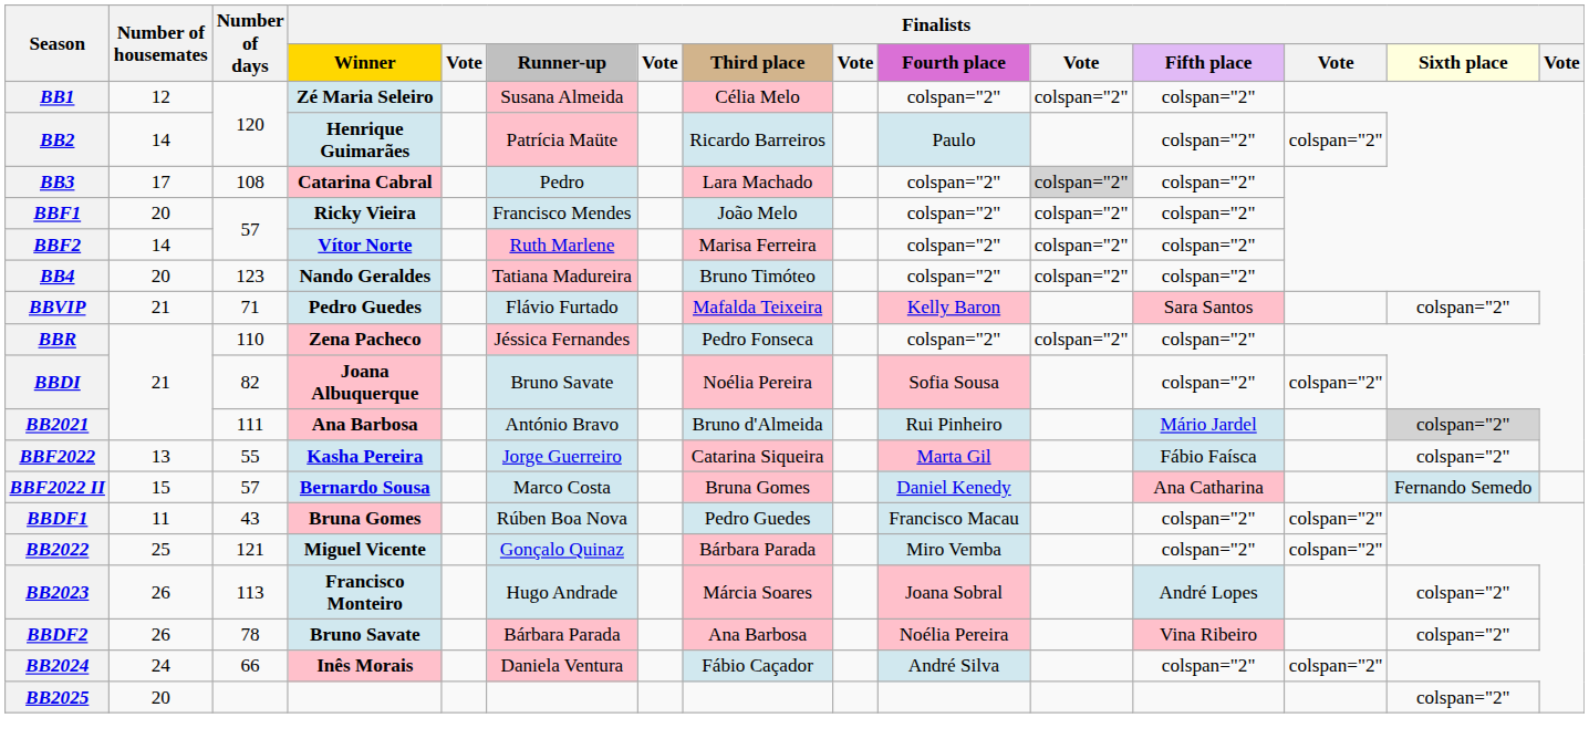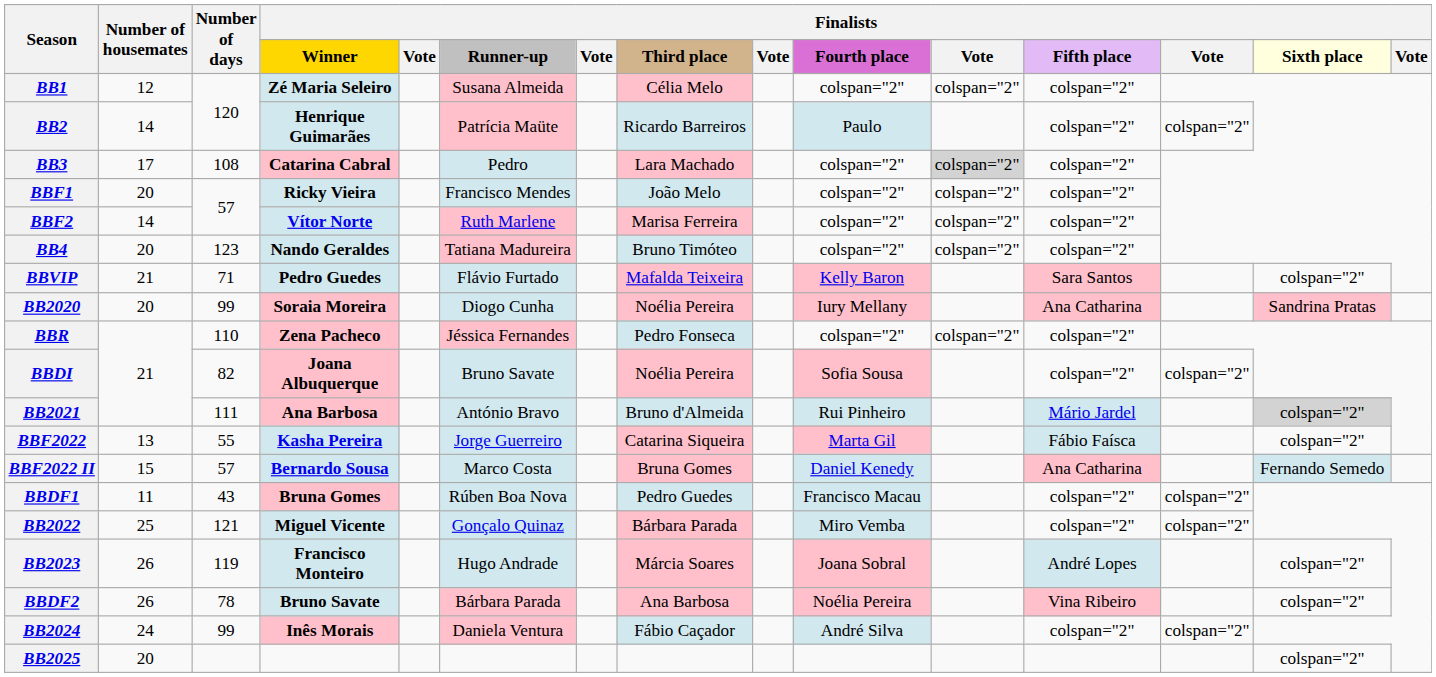 <table class="wikitable" style="text-align:center; font-size:95%; width:100%">
 <tr>
 <th rowspan="2" width="01%">Season</th>
 <th rowspan="2" width="01%">Number of<br>housemates</th>
 <th rowspan="2" width="01%">Number of<br>days</th>
 <th colspan="12">Finalists</th>
 </tr>
 <tr>
 <td bgcolor="FFD700" width="10%"><strong>Winner</strong></td>
 <th width="01%">Vote</th>
 <td bgcolor="C0C0C0" width="10%"><strong>Runner-up</strong></td>
 <th width="01%">Vote</th>
 <td bgcolor="D2B48C" width="10%"><strong>Third place</strong></td>
 <th width="01%">Vote</th>
 <td bgcolor=orchid width="10%"><strong>Fourth place</strong></td>
 <th width="01%">Vote</th>
 <td bgcolor="E1BAF6" width="10%"><strong>Fifth place</strong></td>
 <th width="01%">Vote</th>
 <td bgcolor="FFFFDD" width="10%"><strong>Sixth place</strong></td>
 <th width="01%">Vote</th>
 </tr>
 <tr>
 <th><em><a href='#'>BB1</a></em></th>
 <td>12</td>
 <td rowspan="2">120</td>
 <td style="background:#d1e8ef"><strong>Zé Maria Seleiro</strong></td>
 <td></td>
 <td style="background:pink">Susana Almeida</td>
 <td></td>
 <td style="background:pink">Célia Melo</td>
 <td></td>
 <td>colspan="2" </td>
 <td>colspan="2" </td>
 <td>colspan="2" </td>
 </tr>
 <tr>
 <th><em><a href='#'>BB2</a></em></th>
 <td>14</td>
 <td style="background:#d1e8ef"><strong>Henrique Guimarães</strong></td>
 <td></td>
 <td style="background:pink">Patrícia Maüte</td>
 <td></td>
 <td style="background:#d1e8ef">Ricardo Barreiros</td>
 <td></td>
 <td style="background:#d1e8ef">Paulo</td>
 <td></td>
 <td>colspan="2" </td>
 <td>colspan="2" </td>
 </tr>
 <tr>
 <th><em><a href='#'>BB3</a></em></th>
 <td>17</td>
 <td>108</td>
 <td style="background:pink"><strong>Catarina Cabral</strong></td>
 <td></td>
 <td style="background:#d1e8ef">Pedro</td>
 <td></td>
 <td style="background:pink">Lara Machado</td>
 <td></td>
 <td>colspan="2" </td>
 <td style="background: lightgrey;">colspan="2" </td>
 <td>colspan="2" </td>
 </tr>
 <tr>
 <th><em><a href='#'>BBF1</a></em></th>
 <td>20</td>
 <td rowspan="2">57</td>
 <td style="background:#d1e8ef"><strong>Ricky Vieira</strong></td>
 <td></td>
 <td style="background:#d1e8ef">Francisco Mendes</td>
 <td></td>
 <td style="background:#d1e8ef">João Melo</td>
 <td></td>
 <td>colspan="2" </td>
 <td>colspan="2" </td>
 <td>colspan="2" </td>
 </tr>
 <tr>
 <th><em><a href='#'>BBF2</a></em></th>
 <td>14</td>
 <td style="background:#d1e8ef"><strong><a href='#'>Vítor Norte</a></strong></td>
 <td></td>
 <td style="background:pink"><a href='#'>Ruth Marlene</a></td>
 <td></td>
 <td style="background:pink">Marisa Ferreira</td>
 <td></td>
 <td>colspan="2" </td>
 <td>colspan="2" </td>
 <td>colspan="2" </td>
 </tr>
 <tr>
 <th><em><a href='#'>BB4</a></em></th>
 <td>20</td>
 <td>123</td>
 <td style="background:#d1e8ef"><strong>Nando Geraldes</strong></td>
 <td></td>
 <td style="background:pink">Tatiana Madureira</td>
 <td></td>
 <td style="background:#d1e8ef">Bruno Timóteo</td>
 <td></td>
 <td>colspan="2" </td>
 <td>colspan="2" </td>
 <td>colspan="2" </td>
 </tr>
 <tr>
 <th><em><a href='#'>BBVIP</a></em></th>
 <td>21</td>
 <td>71</td>
 <td style="background:#d1e8ef"><strong>Pedro Guedes</strong></td>
 <td></td>
 <td style="background:#d1e8ef">Flávio Furtado</td>
 <td></td>
 <td style="background:pink"><a href='#'>Mafalda Teixeira</a></td>
 <td></td>
 <td style="background:pink"><a href='#'>Kelly Baron</a></td>
 <td></td>
 <td style="background:pink">Sara Santos</td>
 <td></td>
 <td>colspan="2" </td>
 </tr>
 <tr>
+<th><em><a href='#'>BB2020</a></em></th>
+<td>20</td>
+<td>99 </td>
+<td style="background:pink"><strong>Soraia Moreira</strong></td>
+<td></td>
+<td style="background:#d1e8ef">Diogo Cunha</td>
+<td></td>
+<td style="background:pink">Noélia Pereira</td>
+<td></td>
+<td style="background:pink">Iury Mellany</td>
+<td></td>
+<td style="background:pink">Ana Catharina</td>
+<td></td>
+<td style="background:pink">Sandrina Pratas</td>
+<td></td>
+</tr>
+<tr>
 <th><em><a href='#'>BBR</a></em></th>
 <td rowspan="3">21</td>
 <td>110</td>
 <td style="background:pink"><strong>Zena Pacheco</strong></td>
 <td></td>
 <td style="background:pink">Jéssica Fernandes</td>
 <td></td>
 <td style="background:#d1e8ef">Pedro Fonseca</td>
 <td></td>
 <td>colspan="2" </td>
 <td>colspan="2" </td>
 <td>colspan="2" </td>
 </tr>
 <tr>
 <th><em><a href='#'>BBDI</a></em></th>
 <td>82</td>
 <td style="background:pink"><strong>Joana Albuquerque</strong></td>
 <td></td>
 <td style="background:#d1e8ef">Bruno Savate</td>
 <td></td>
 <td style="background:pink">Noélia Pereira</td>
 <td></td>
 <td style="background:pink">Sofia Sousa</td>
 <td></td>
 <td>colspan="2" </td>
 <td>colspan="2" </td>
 </tr>
 <tr>
 <th><em><a href='#'>BB2021</a></em></th>
 <td>111</td>
 <td style="background:pink"><strong>Ana Barbosa</strong></td>
 <td></td>
 <td style="background:#d1e8ef">António Bravo</td>
 <td></td>
 <td style="background:#d1e8ef">Bruno d'Almeida</td>
 <td></td>
 <td style="background:#d1e8ef">Rui Pinheiro</td>
 <td></td>
 <td style="background:#d1e8ef"><a href='#'>Mário Jardel</a></td>
 <td></td>
 <td style="background: lightgrey;">colspan="2" </td>
 </tr>
 <tr>
 <th><em><a href='#'>BBF2022</a></em></th>
 <td>13</td>
 <td>55</td>
 <td style="background:#d1e8ef"><strong><a href='#'>Kasha Pereira</a></strong></td>
 <td></td>
 <td style="background:#d1e8ef"><a href='#'>Jorge Guerreiro</a></td>
 <td></td>
 <td style="background:pink">Catarina Siqueira</td>
 <td></td>
 <td style="background:pink"><a href='#'>Marta Gil</a></td>
 <td></td>
 <td style="background:#d1e8ef">Fábio Faísca</td>
 <td></td>
 <td>colspan="2" </td>
 </tr>
 <tr>
 <th nowrap><em><a href='#'>BBF2022 II</a></em></th>
 <td>15</td>
 <td>57</td>
 <td style="background:#d1e8ef"><strong><a href='#'>Bernardo Sousa</a></strong></td>
 <td></td>
 <td style="background:#d1e8ef">Marco Costa</td>
 <td></td>
 <td style="background:pink">Bruna Gomes</td>
 <td></td>
 <td style="background:#d1e8ef"><a href='#'>Daniel Kenedy</a></td>
 <td></td>
 <td style="background:pink">Ana Catharina</td>
 <td></td>
 <td style="background:#d1e8ef">Fernando Semedo</td>
 <td></td>
 </tr>
 <tr>
 <th><em><a href='#'>BBDF1</a></em></th>
 <td>11</td>
 <td>43</td>
 <td style="background:pink"><strong>Bruna Gomes</strong></td>
 <td></td>
 <td style="background:#d1e8ef">Rúben Boa Nova</td>
 <td></td>
 <td style="background:#d1e8ef">Pedro Guedes</td>
 <td></td>
 <td style="background:#d1e8ef">Francisco Macau</td>
 <td></td>
 <td>colspan="2" </td>
 <td>colspan="2" </td>
 </tr>
 <tr>
 <th><em><a href='#'>BB2022</a></em></th>
 <td>25</td>
 <td>121</td>
 <td style="background:#d1e8ef"><strong>Miguel Vicente</strong></td>
 <td></td>
 <td style="background:#d1e8ef"><a href='#'>Gonçalo Quinaz</a></td>
 <td></td>
 <td style="background: pink">Bárbara Parada</td>
 <td></td>
 <td style="background:#d1e8ef">Miro Vemba</td>
 <td></td>
 <td>colspan="2" </td>
 <td>colspan="2" </td>
 </tr>
 <tr>
 <th><em><a href='#'>BB2023</a></em></th>
 <td>26</td>
-<td>113</td>
+<td>119</td>
 <td style="background:#d1e8ef"><strong>Francisco Monteiro</strong></td>
 <td></td>
 <td style="background:#d1e8ef">Hugo Andrade</td>
 <td></td>
 <td style="background:pink">Márcia Soares</td>
 <td></td>
 <td style="background:pink">Joana Sobral</td>
 <td></td>
 <td style="background:#d1e8ef">André Lopes</td>
 <td></td>
 <td>colspan="2" </td>
 </tr>
 <tr>
 <th><em><a href='#'>BBDF2</a></em></th>
 <td>26</td>
 <td>78</td>
 <td style="background:#d1e8ef"><strong>Bruno Savate</strong></td>
 <td></td>
 <td style="background:pink">Bárbara Parada</td>
 <td></td>
 <td style="background:pink">Ana Barbosa</td>
 <td></td>
 <td style="background:pink">Noélia Pereira</td>
 <td></td>
 <td style="background:pink">Vina Ribeiro</td>
 <td></td>
 <td>colspan="2" </td>
 </tr>
 <tr>
 <th><em><a href='#'>BB2024</a></em></th>
 <td>24</td>
-<td>66</td>
+<td>99</td>
 <td style="background:pink"><strong>Inês Morais</strong></td>
 <td></td>
 <td style="background:pink">Daniela Ventura</td>
 <td></td>
 <td style="background:#d1e8ef">Fábio Caçador</td>
 <td></td>
 <td style="background:#d1e8ef">André Silva</td>
 <td></td>
 <td>colspan="2" </td>
 <td>colspan="2" </td>
 </tr>
 <tr>
 <th><em><a href='#'>BB2025</a></em></th>
 <td>20</td>
 <td></td>
 <td><strong> </strong></td>
 <td></td>
 <td></td>
 <td></td>
 <td></td>
 <td></td>
 <td></td>
 <td></td>
 <td></td>
 <td></td>
 <td>colspan="2" </td>
 </tr>
 </table>
